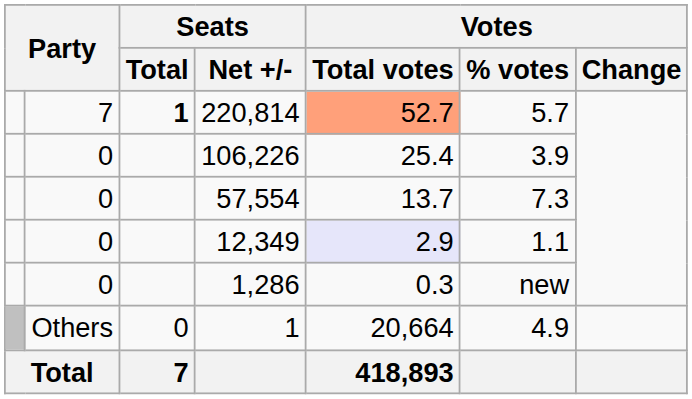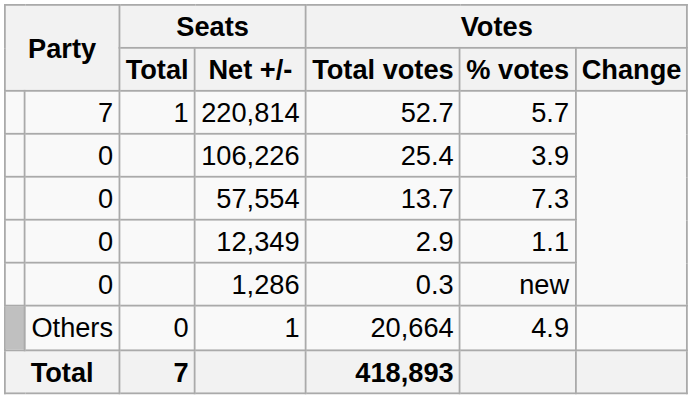 <table class="wikitable" style="text-align:right; font-size:95%;">
 <tr>
 <th colspan="2" rowspan="2">Party</th>
 <th colspan="2">Seats</th>
 <th colspan="3">Votes</th>
 </tr>
 <tr>
 <th>Total</th>
 <th>Net +/-</th>
 <th>Total votes</th>
 <th>% votes</th>
 <th>Change</th>
 </tr>
 <tr>
 <td></td>
 <td>7</td>
-<td><strong>1</strong></td>
+<td>1</td>
 <td>220,814</td>
-<td style="background: lightsalmon;">52.7</td>
+<td>52.7</td>
 <td>5.7</td>
 </tr>
 <tr>
 <td></td>
 <td>0</td>
 <td></td>
 <td>106,226</td>
 <td>25.4</td>
 <td>3.9</td>
 </tr>
 <tr>
 <td></td>
 <td>0</td>
 <td></td>
 <td>57,554</td>
 <td>13.7</td>
 <td>7.3</td>
 </tr>
 <tr>
 <td></td>
 <td>0</td>
 <td></td>
 <td>12,349</td>
-<td style="background: lavender;">2.9</td>
+<td>2.9</td>
 <td>1.1</td>
 </tr>
 <tr>
 <td></td>
 <td>0</td>
 <td></td>
 <td>1,286</td>
 <td>0.3</td>
 <td>new</td>
 </tr>
 <tr>
 <td style="background:silver;"> </td>
 <td align=left>Others</td>
 <td>0</td>
 <td>1</td>
 <td>20,664</td>
 <td>4.9</td>
 <td></td>
 </tr>
 <tr>
 <th colspan="2" style="background:#f2f2f2">Total</th>
 <td style="background:#f2f2f2;"><strong>7</strong></td>
 <td style="background:#f2f2f2;"></td>
 <td style="background:#f2f2f2;"><strong>418,893</strong></td>
 <td style="background:#f2f2f2;"></td>
 <td style="background:#f2f2f2;"></td>
 </tr>
 </table>
